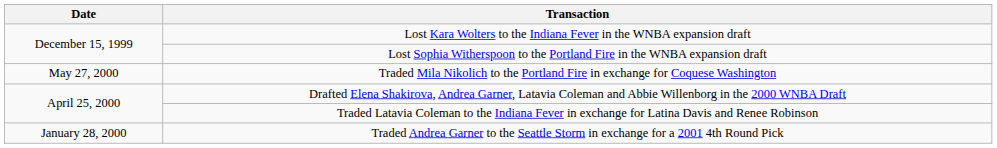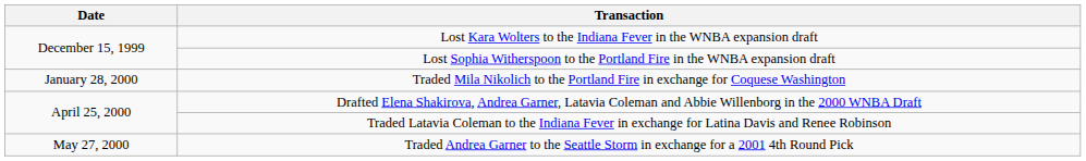 <table class="wikitable" style="width:80%; text-align: center;">
 <tr>
 <th>Date</th>
 <th>Transaction</th>
 </tr>
 <tr>
 <td rowspan="2">December 15, 1999</td>
 <td>Lost <a href='#'>Kara Wolters</a> to the <a href='#'>Indiana Fever</a> in the WNBA expansion draft</td>
 </tr>
 <tr>
 <td>Lost <a href='#'>Sophia Witherspoon</a> to the <a href='#'>Portland Fire</a> in the WNBA expansion draft</td>
 </tr>
 <tr>
-<td>May 27, 2000</td>
+<td>January 28, 2000</td>
 <td>Traded <a href='#'>Mila Nikolich</a> to the <a href='#'>Portland Fire</a> in exchange for <a href='#'>Coquese Washington</a></td>
 </tr>
 <tr>
 <td rowspan="2">April 25, 2000</td>
 <td>Drafted <a href='#'>Elena Shakirova</a>, <a href='#'>Andrea Garner</a>, Latavia Coleman and Abbie Willenborg in the <a href='#'>2000 WNBA Draft</a></td>
 </tr>
 <tr>
 <td>Traded Latavia Coleman to the <a href='#'>Indiana Fever</a> in exchange for Latina Davis and Renee Robinson</td>
 </tr>
 <tr>
-<td>January 28, 2000</td>
+<td>May 27, 2000</td>
 <td>Traded <a href='#'>Andrea Garner</a> to the <a href='#'>Seattle Storm</a> in exchange for a <a href='#'>2001</a> 4th Round Pick</td>
 </tr>
 </table>
